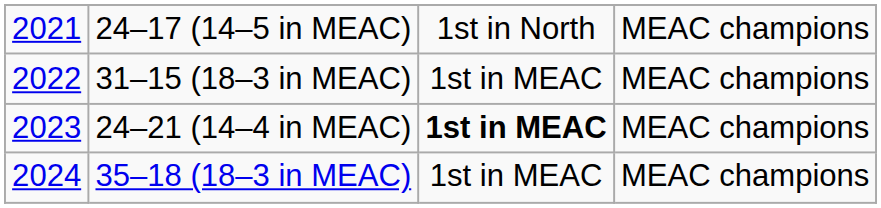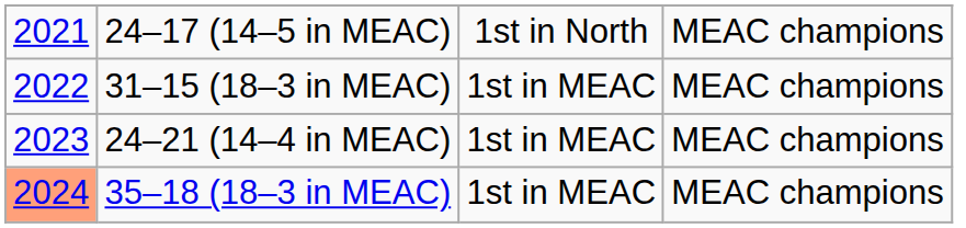 <table class="wikitable">
 <tr style="text-align:center;">
 </tr>
 <tr align="center">
 <td><a href='#'>2021</a></td>
 <td>24–17 (14–5 in MEAC)</td>
 <td>1st in North</td>
 <td>MEAC champions</td>
 </tr>
 <tr align="center">
 <td><a href='#'>2022</a></td>
 <td>31–15 (18–3 in MEAC)</td>
 <td>1st in MEAC</td>
 <td>MEAC champions</td>
 </tr>
 <tr align="center">
 <td><a href='#'>2023</a></td>
 <td>24–21 (14–4 in MEAC)</td>
-<td><strong>1st in MEAC</strong></td>
+<td>1st in MEAC</td>
 <td>MEAC champions</td>
 </tr>
 <tr align="center">
-<td><a href='#'>2024</a></td>
+<td style="background: lightsalmon;"><a href='#'>2024</a></td>
 <td><a href='#'>35–18 (18–3 in MEAC)</a></td>
 <td>1st in MEAC</td>
 <td>MEAC champions</td>
 </tr>
 </table>
